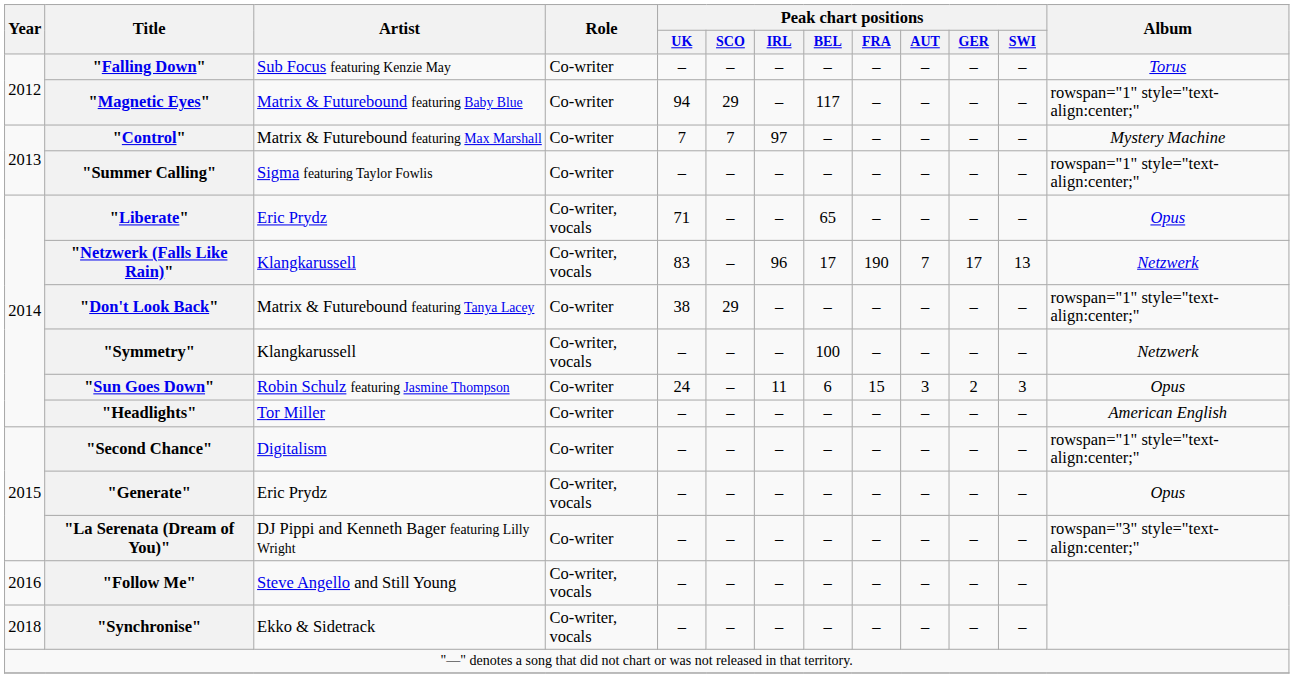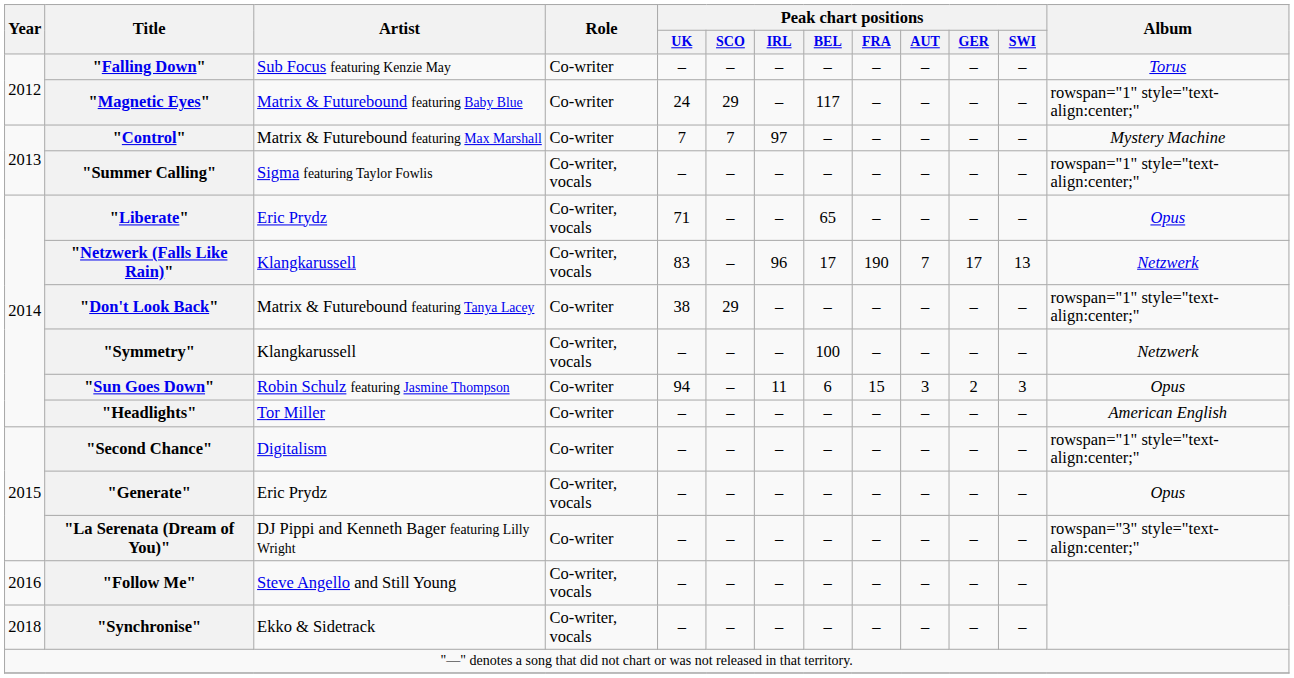 <table class="wikitable plainrowheaders" style="text-align:left;">
 <tr>
 <th scope="col" rowspan="2">Year</th>
 <th scope="col" rowspan="2">Title</th>
 <th scope="col" rowspan="2">Artist</th>
 <th scope="col" rowspan="2">Role</th>
 <th scope="col" colspan="8">Peak chart positions</th>
 <th scope="col" rowspan="2">Album</th>
 </tr>
 <tr>
 <th scope="col" style="width:3em;font-size:85%;"><a href='#'>UK</a></th>
 <th scope="col" style="width:3em;font-size:85%;"><a href='#'>SCO</a></th>
 <th scope="col" style="width:3em;font-size:85%;"><a href='#'>IRL</a></th>
 <th scope="col" style="width:3em;font-size:85%;"><a href='#'>BEL</a></th>
 <th scope="col" style="width:3em;font-size:85%;"><a href='#'>FRA</a></th>
 <th scope="col" style="width:3em;font-size:85%;"><a href='#'>AUT</a></th>
 <th scope="col" style="width:3em;font-size:85%;"><a href='#'>GER</a></th>
 <th scope="col" style="width:3em;font-size:85%;"><a href='#'>SWI</a></th>
 </tr>
 <tr>
 <td rowspan="2">2012</td>
 <th scope="row">"<a href='#'>Falling Down</a>"</th>
 <td rowspan="1"><a href='#'>Sub Focus</a> <small>featuring Kenzie May</small></td>
 <td>Co-writer</td>
 <td style="text-align:center;">–</td>
 <td style="text-align:center;">–</td>
 <td style="text-align:center;">–</td>
 <td style="text-align:center;">–</td>
 <td style="text-align:center;">–</td>
 <td style="text-align:center;">–</td>
 <td style="text-align:center;">–</td>
 <td style="text-align:center;">–</td>
 <td rowspan="1" style="text-align:center;"><em><a href='#'>Torus</a></em></td>
 </tr>
 <tr>
 <th scope="row">"<a href='#'>Magnetic Eyes</a>"</th>
 <td rowspan="1"><a href='#'>Matrix & Futurebound</a> <small>featuring <a href='#'>Baby Blue</a></small></td>
 <td>Co-writer</td>
-<td style="text-align:center;">94</td>
+<td style="text-align:center;">24</td>
 <td style="text-align:center;">29</td>
 <td style="text-align:center;">–</td>
 <td style="text-align:center;">117</td>
 <td style="text-align:center;">–</td>
 <td style="text-align:center;">–</td>
 <td style="text-align:center;">–</td>
 <td style="text-align:center;">–</td>
 <td>rowspan="1" style="text-align:center;" </td>
 </tr>
 <tr>
 <td rowspan="2">2013</td>
 <th scope="row">"<a href='#'>Control</a>"</th>
 <td rowspan="1">Matrix & Futurebound <small>featuring <a href='#'>Max Marshall</a></small></td>
 <td>Co-writer</td>
 <td style="text-align:center;">7</td>
 <td style="text-align:center;">7</td>
 <td style="text-align:center;">97</td>
 <td style="text-align:center;">–</td>
 <td style="text-align:center;">–</td>
 <td style="text-align:center;">–</td>
 <td style="text-align:center;">–</td>
 <td style="text-align:center;">–</td>
 <td rowspan="1" style="text-align:center;"><em>Mystery Machine</em></td>
 </tr>
 <tr>
 <th scope="row">"Summer Calling"</th>
 <td rowspan="1"><a href='#'>Sigma</a> <small>featuring Taylor Fowlis</small></td>
-<td>Co-writer</td>
+<td>Co-writer, vocals</td>
 <td style="text-align:center;">–</td>
 <td style="text-align:center;">–</td>
 <td style="text-align:center;">–</td>
 <td style="text-align:center;">–</td>
 <td style="text-align:center;">–</td>
 <td style="text-align:center;">–</td>
 <td style="text-align:center;">–</td>
 <td style="text-align:center;">–</td>
 <td>rowspan="1" style="text-align:center;" </td>
 </tr>
 <tr>
 <td rowspan="6">2014</td>
 <th scope="row">"<a href='#'>Liberate</a>"</th>
 <td rowspan="1"><a href='#'>Eric Prydz</a></td>
 <td>Co-writer, vocals</td>
 <td style="text-align:center;">71</td>
 <td style="text-align:center;">–</td>
 <td style="text-align:center;">–</td>
 <td style="text-align:center;">65</td>
 <td style="text-align:center;">–</td>
 <td style="text-align:center;">–</td>
 <td style="text-align:center;">–</td>
 <td style="text-align:center;">–</td>
 <td rowspan="1" style="text-align:center;"><em><a href='#'>Opus</a></em></td>
 </tr>
 <tr>
 <th scope="row">"<a href='#'>Netzwerk (Falls Like Rain)</a>"</th>
 <td rowspan="1"><a href='#'>Klangkarussell</a></td>
 <td>Co-writer, vocals</td>
 <td style="text-align:center;">83</td>
 <td style="text-align:center;">–</td>
 <td style="text-align:center;">96</td>
 <td style="text-align:center;">17</td>
 <td style="text-align:center;">190</td>
 <td style="text-align:center;">7</td>
 <td style="text-align:center;">17</td>
 <td style="text-align:center;">13</td>
 <td rowspan="1" style="text-align:center;"><em><a href='#'>Netzwerk</a></em></td>
 </tr>
 <tr>
 <th scope="row">"<a href='#'>Don't Look Back</a>"</th>
 <td rowspan="1">Matrix & Futurebound <small>featuring <a href='#'>Tanya Lacey</a></small></td>
 <td>Co-writer</td>
 <td style="text-align:center;">38</td>
 <td style="text-align:center;">29</td>
 <td style="text-align:center;">–</td>
 <td style="text-align:center;">–</td>
 <td style="text-align:center;">–</td>
 <td style="text-align:center;">–</td>
 <td style="text-align:center;">–</td>
 <td style="text-align:center;">–</td>
 <td>rowspan="1" style="text-align:center;" </td>
 </tr>
 <tr>
 <th scope="row">"Symmetry"</th>
 <td>Klangkarussell</td>
 <td>Co-writer, vocals</td>
 <td style="text-align:center;">–</td>
 <td style="text-align:center;">–</td>
 <td style="text-align:center;">–</td>
 <td style="text-align:center;">100</td>
 <td style="text-align:center;">–</td>
 <td style="text-align:center;">–</td>
 <td style="text-align:center;">–</td>
 <td style="text-align:center;">–</td>
 <td rowspan="1" style="text-align:center;"><em>Netzwerk</em></td>
 </tr>
 <tr>
 <th scope="row">"<a href='#'>Sun Goes Down</a>"</th>
 <td rowspan="1"><a href='#'>Robin Schulz</a> <small>featuring <a href='#'>Jasmine Thompson</a></small></td>
 <td>Co-writer</td>
-<td style="text-align:center;">24</td>
+<td style="text-align:center;">94</td>
 <td style="text-align:center;">–</td>
 <td style="text-align:center;">11</td>
 <td style="text-align:center;">6</td>
 <td style="text-align:center;">15</td>
 <td style="text-align:center;">3</td>
 <td style="text-align:center;">2</td>
 <td style="text-align:center;">3</td>
 <td rowspan="1" style="text-align:center;"><em>Opus</em></td>
 </tr>
 <tr>
 <th scope="row">"Headlights"</th>
 <td rowspan="1"><a href='#'>Tor Miller</a></td>
 <td>Co-writer</td>
 <td style="text-align:center;">–</td>
 <td style="text-align:center;">–</td>
 <td style="text-align:center;">–</td>
 <td style="text-align:center;">–</td>
 <td style="text-align:center;">–</td>
 <td style="text-align:center;">–</td>
 <td style="text-align:center;">–</td>
 <td style="text-align:center;">–</td>
 <td rowspan="1" style="text-align:center;"><em>American English</em></td>
 </tr>
 <tr>
 <td rowspan="3">2015</td>
 <th scope="row">"Second Chance"</th>
 <td rowspan="1"><a href='#'>Digitalism</a></td>
 <td>Co-writer</td>
 <td style="text-align:center;">–</td>
 <td style="text-align:center;">–</td>
 <td style="text-align:center;">–</td>
 <td style="text-align:center;">–</td>
 <td style="text-align:center;">–</td>
 <td style="text-align:center;">–</td>
 <td style="text-align:center;">–</td>
 <td style="text-align:center;">–</td>
 <td>rowspan="1" style="text-align:center;" </td>
 </tr>
 <tr>
 <th scope="row">"Generate"</th>
 <td rowspan="1">Eric Prydz</td>
 <td>Co-writer, vocals</td>
 <td style="text-align:center;">–</td>
 <td style="text-align:center;">–</td>
 <td style="text-align:center;">–</td>
 <td style="text-align:center;">–</td>
 <td style="text-align:center;">–</td>
 <td style="text-align:center;">–</td>
 <td style="text-align:center;">–</td>
 <td style="text-align:center;">–</td>
 <td rowspan="1" style="text-align:center;"><em>Opus</em></td>
 </tr>
 <tr>
 <th scope="row">"La Serenata (Dream of You)"</th>
 <td rowspan="1">DJ Pippi and Kenneth Bager <small>featuring Lilly Wright</small></td>
 <td>Co-writer</td>
 <td style="text-align:center;">–</td>
 <td style="text-align:center;">–</td>
 <td style="text-align:center;">–</td>
 <td style="text-align:center;">–</td>
 <td style="text-align:center;">–</td>
 <td style="text-align:center;">–</td>
 <td style="text-align:center;">–</td>
 <td style="text-align:center;">–</td>
 <td>rowspan="3" style="text-align:center;" </td>
 </tr>
 <tr>
 <td rowspan="1">2016</td>
 <th scope="row">"Follow Me"</th>
 <td rowspan="1"><a href='#'>Steve Angello</a> and Still Young</td>
 <td>Co-writer, vocals</td>
 <td style="text-align:center;">–</td>
 <td style="text-align:center;">–</td>
 <td style="text-align:center;">–</td>
 <td style="text-align:center;">–</td>
 <td style="text-align:center;">–</td>
 <td style="text-align:center;">–</td>
 <td style="text-align:center;">–</td>
 <td style="text-align:center;">–</td>
 </tr>
 <tr>
 <td rowspan="1">2018</td>
 <th scope="row">"Synchronise"</th>
 <td rowspan="1">Ekko & Sidetrack</td>
 <td>Co-writer, vocals</td>
 <td style="text-align:center;">–</td>
 <td style="text-align:center;">–</td>
 <td style="text-align:center;">–</td>
 <td style="text-align:center;">–</td>
 <td style="text-align:center;">–</td>
 <td style="text-align:center;">–</td>
 <td style="text-align:center;">–</td>
 <td style="text-align:center;">–</td>
 </tr>
 <tr>
 <td colspan="18" style="font-size:85%;" align="center">"—" denotes a song that did not chart or was not released in that territory.</td>
 </tr>
 <tr>
 </tr>
 </table>
